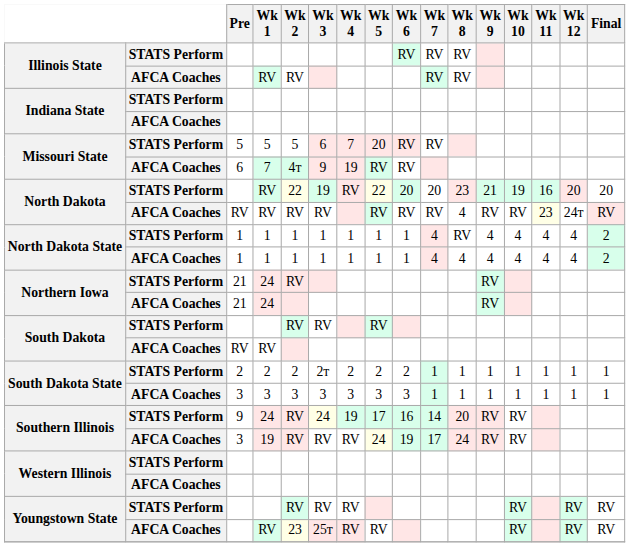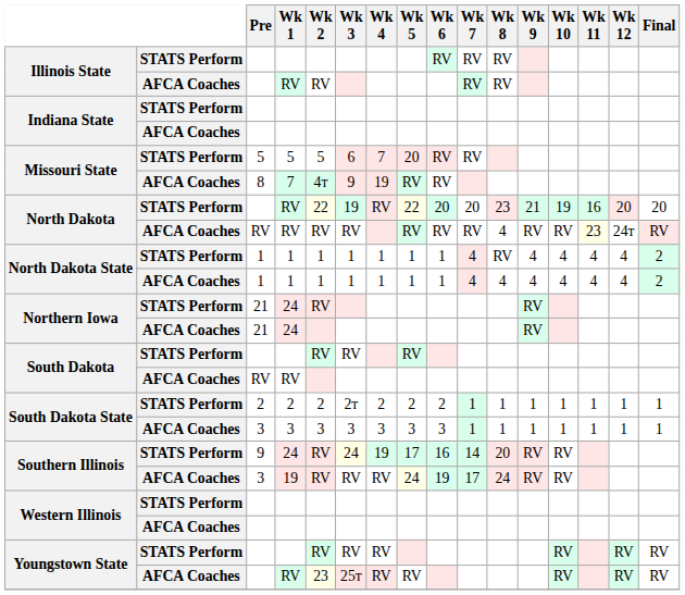 <table class="wikitable" style="white-space:nowrap;font-size:85%;">
 <tr>
 <th colspan=2 style="background:white; border-top-style:hidden; border-left-style:hidden;"> </th>
 <th>Pre</th>
 <th>Wk<br>1</th>
 <th>Wk<br>2</th>
 <th>Wk<br>3</th>
 <th>Wk<br>4</th>
 <th>Wk<br>5</th>
 <th>Wk<br>6</th>
 <th>Wk<br>7</th>
 <th>Wk<br>8</th>
 <th>Wk<br>9</th>
 <th>Wk<br>10</th>
 <th>Wk<br>11</th>
 <th>Wk<br>12</th>
 <th>Final</th>
 </tr>
 <tr style="text-align:center;">
 <th rowspan="2">Illinois State</th>
 <th>STATS Perform</th>
 <td style="background:#FFF;"></td>
 <td style="background:#FFF;"></td>
 <td style="background:#FFF;"></td>
 <td style="background:#FFF;"></td>
 <td style="background:#FFF;"></td>
 <td style="background:#FFF;"></td>
 <td style="background:#d8ffeb;">RV</td>
 <td style="background:#FFF;">RV</td>
 <td style="background:#FFF;">RV</td>
 <td style="background:#ffe6e6;"></td>
 <td style="background:#FFF;"></td>
 <td style="background:#FFF;"></td>
 <td style="background:#FFF;"></td>
 <td style="background:#FFF;"></td>
 </tr>
 <tr style="text-align:center;">
 <th>AFCA Coaches</th>
 <td style="background:#FFF;"></td>
 <td style="background:#d8ffeb;">RV</td>
 <td style="background:#FFF;">RV</td>
 <td style="background:#ffe6e6;"></td>
 <td style="background:#FFF;"></td>
 <td style="background:#FFF;"></td>
 <td style="background:#FFF;"></td>
 <td style="background:#d8ffeb;">RV</td>
 <td style="background:#FFF;">RV</td>
 <td style="background:#ffe6e6;"></td>
 <td style="background:#FFF;"></td>
 <td style="background:#FFF;"></td>
 <td style="background:#FFF;"></td>
 <td style="background:#FFF;"></td>
 </tr>
 <tr style="text-align:center;">
 <th rowspan="2">Indiana State</th>
 <th>STATS Perform</th>
 <td style="background:#FFF;"></td>
 <td style="background:#FFF;"></td>
 <td style="background:#FFF;"></td>
 <td style="background:#FFF;"></td>
 <td style="background:#FFF;"></td>
 <td style="background:#FFF;"></td>
 <td style="background:#FFF;"></td>
 <td style="background:#FFF;"></td>
 <td style="background:#FFF;"></td>
 <td style="background:#FFF;"></td>
 <td style="background:#FFF;"></td>
 <td style="background:#FFF;"></td>
 <td style="background:#FFF;"></td>
 <td style="background:#FFF;"></td>
 </tr>
 <tr style="text-align:center;">
 <th>AFCA Coaches</th>
 <td style="background:#FFF;"></td>
 <td style="background:#FFF;"></td>
 <td style="background:#FFF;"></td>
 <td style="background:#FFF;"></td>
 <td style="background:#FFF;"></td>
 <td style="background:#FFF;"></td>
 <td style="background:#FFF;"></td>
 <td style="background:#FFF;"></td>
 <td style="background:#FFF;"></td>
 <td style="background:#FFF;"></td>
 <td style="background:#FFF;"></td>
 <td style="background:#FFF;"></td>
 <td style="background:#FFF;"></td>
 <td style="background:#FFF;"></td>
 </tr>
 <tr style="text-align:center;">
 <th rowspan="2">Missouri State</th>
 <th>STATS Perform</th>
 <td style="background:#FFF;">5</td>
 <td style="background:#FFF;">5</td>
 <td style="background:#FFF;">5</td>
 <td style="background:#ffe6e6;">6</td>
 <td style="background:#ffe6e6;">7</td>
 <td style="background:#ffe6e6;">20</td>
 <td style="background:#ffe6e6;">RV</td>
 <td style="background:#FFF;">RV</td>
 <td style="background:#ffe6e6;"></td>
 <td style="background:#FFF;"></td>
 <td style="background:#FFF;"></td>
 <td style="background:#FFF;"></td>
 <td style="background:#FFF;"></td>
 <td style="background:#FFF;"></td>
 </tr>
 <tr style="text-align:center;">
 <th>AFCA Coaches</th>
-<td style="background:#FFF;">6</td>
+<td style="background:#FFF;">8</td>
 <td style="background:#d8ffeb;">7</td>
 <td style="background:#d8ffeb;">4т</td>
 <td style="background:#ffe6e6;">9</td>
 <td style="background:#ffe6e6;">19</td>
 <td style="background:#d8ffeb;">RV</td>
 <td style="background:#FFF;">RV</td>
 <td style="background:#ffe6e6;"></td>
 <td style="background:#FFF;"></td>
 <td style="background:#FFF;"></td>
 <td style="background:#FFF;"></td>
 <td style="background:#FFF;"></td>
 <td style="background:#FFF;"></td>
 <td style="background:#FFF;"></td>
 </tr>
 <tr style="text-align:center;">
 <th rowspan="2">North Dakota</th>
 <th>STATS Perform</th>
 <td style="background:#FFF;"></td>
 <td style="background:#d8ffeb;">RV</td>
 <td style="background:#FFFFE6;">22</td>
 <td style="background:#d8ffeb;">19</td>
 <td style="background:#ffe6e6;">RV</td>
 <td style="background:#FFFFE6;">22</td>
 <td style="background:#d8ffeb;">20</td>
 <td style="background:#FFF;">20</td>
 <td style="background:#ffe6e6;">23</td>
 <td style="background:#d8ffeb;">21</td>
 <td style="background:#d8ffeb;">19</td>
 <td style="background:#d8ffeb;">16</td>
 <td style="background:#ffe6e6;">20</td>
 <td style="background:#FFF;">20</td>
 </tr>
 <tr style="text-align:center;">
 <th>AFCA Coaches</th>
 <td style="background:#FFF;">RV</td>
 <td style="background:#FFF;">RV</td>
 <td style="background:#FFF;">RV</td>
 <td style="background:#FFF;">RV</td>
 <td style="background:#ffe6e6;"></td>
 <td style="background:#d8ffeb;">RV</td>
 <td style="background:#FFF;">RV</td>
 <td style="background:#FFF;">RV</td>
 <td style="background:#FFF;">4</td>
 <td style="background:#FFF;">RV</td>
 <td style="background:#FFF;">RV</td>
 <td style="background:#FFFFE6;">23</td>
 <td style="background:#FFF;">24т</td>
 <td style="background:#ffe6e6;">RV</td>
 </tr>
 <tr style="text-align:center;">
 <th rowspan="2">North Dakota State</th>
 <th>STATS Perform</th>
 <td style="background:#FFF;">1</td>
 <td style="background:#FFF;">1</td>
 <td style="background:#FFF;">1</td>
 <td style="background:#FFF;">1</td>
 <td style="background:#FFF;">1</td>
 <td style="background:#FFF;">1</td>
 <td style="background:#FFF;">1</td>
 <td style="background:#ffe6e6;">4</td>
 <td style="background:#FFF;">RV</td>
 <td style="background:#FFF;">4</td>
 <td style="background:#FFF;">4</td>
 <td style="background:#FFF;">4</td>
 <td style="background:#FFF;">4</td>
 <td style="background:#d8ffeb;">2</td>
 </tr>
 <tr style="text-align:center;">
 <th>AFCA Coaches</th>
 <td style="background:#FFF;">1</td>
 <td style="background:#FFF;">1</td>
 <td style="background:#FFF;">1</td>
 <td style="background:#FFF;">1</td>
 <td style="background:#FFF;">1</td>
 <td style="background:#FFF;">1</td>
 <td style="background:#FFF;">1</td>
 <td style="background:#ffe6e6;">4</td>
 <td style="background:#FFF;">4</td>
 <td style="background:#FFF;">4</td>
 <td style="background:#FFF;">4</td>
 <td style="background:#FFF;">4</td>
 <td style="background:#FFF;">4</td>
 <td style="background:#d8ffeb;">2</td>
 </tr>
 <tr style="text-align:center;">
 <th rowspan="2">Northern Iowa</th>
 <th>STATS Perform</th>
 <td style="background:#FFF;">21</td>
 <td style="background:#ffe6e6;">24</td>
 <td style="background:#ffe6e6;">RV</td>
 <td style="background:#ffe6e6;"></td>
 <td style="background:#FFF;"></td>
 <td style="background:#FFF;"></td>
 <td style="background:#FFF;"></td>
 <td style="background:#FFF;"></td>
 <td style="background:#FFF;"></td>
 <td style="background:#d8ffeb;">RV</td>
 <td style="background:#ffe6e6;"></td>
 <td style="background:#FFF;"></td>
 <td style="background:#FFF;"></td>
 <td style="background:#FFF;"></td>
 </tr>
 <tr style="text-align:center;">
 <th>AFCA Coaches</th>
 <td style="background:#FFF;">21</td>
 <td style="background:#ffe6e6;">24</td>
 <td style="background:#ffe6e6;"></td>
 <td style="background:#FFF;"></td>
 <td style="background:#FFF;"></td>
 <td style="background:#FFF;"></td>
 <td style="background:#FFF;"></td>
 <td style="background:#FFF;"></td>
 <td style="background:#FFF;"></td>
 <td style="background:#d8ffeb;">RV</td>
 <td style="background:#ffe6e6;"></td>
 <td style="background:#FFF;"></td>
 <td style="background:#FFF;"></td>
 <td style="background:#FFF;"></td>
 </tr>
 <tr style="text-align:center;">
 <th rowspan="2">South Dakota</th>
 <th>STATS Perform</th>
 <td style="background:#FFF;"></td>
 <td style="background:#FFF;"></td>
 <td style="background:#d8ffeb;">RV</td>
 <td style="background:#FFF;">RV</td>
 <td style="background:#ffe6e6;"></td>
 <td style="background:#d8ffeb;">RV</td>
 <td style="background:#ffe6e6;"></td>
 <td style="background:#FFF;"></td>
 <td style="background:#FFF;"></td>
 <td style="background:#FFF;"></td>
 <td style="background:#FFF;"></td>
 <td style="background:#FFF;"></td>
 <td style="background:#FFF;"></td>
 <td style="background:#FFF;"></td>
 </tr>
 <tr style="text-align:center;">
 <th>AFCA Coaches</th>
 <td style="background:#FFF;">RV</td>
 <td style="background:#FFF;">RV</td>
 <td style="background:#ffe6e6;"></td>
 <td style="background:#FFF;"></td>
 <td style="background:#FFF;"></td>
 <td style="background:#FFF;"></td>
 <td style="background:#FFF;"></td>
 <td style="background:#FFF;"></td>
 <td style="background:#FFF;"></td>
 <td style="background:#FFF;"></td>
 <td style="background:#FFF;"></td>
 <td style="background:#FFF;"></td>
 <td style="background:#FFF;"></td>
 <td style="background:#FFF;"></td>
 </tr>
 <tr style="text-align:center;">
 <th rowspan="2">South Dakota State</th>
 <th>STATS Perform</th>
 <td style="background:#FFF;">2</td>
 <td style="background:#FFF;">2</td>
 <td style="background:#FFF;">2</td>
 <td style="background:#FFF;">2т</td>
 <td style="background:#FFF;">2</td>
 <td style="background:#FFF;">2</td>
 <td style="background:#FFF;">2</td>
 <td style="background:#d8ffeb;">1</td>
 <td style="background:#FFF;">1</td>
 <td style="background:#FFF;">1</td>
 <td style="background:#FFF;">1</td>
 <td style="background:#FFF;">1</td>
 <td style="background:#FFF;">1</td>
 <td style="background:#FFF;">1</td>
 </tr>
 <tr style="text-align:center;">
 <th>AFCA Coaches</th>
 <td style="background:#FFF;">3</td>
 <td style="background:#FFF;">3</td>
 <td style="background:#FFF;">3</td>
 <td style="background:#FFF;">3</td>
 <td style="background:#FFF;">3</td>
 <td style="background:#FFF;">3</td>
 <td style="background:#FFF;">3</td>
 <td style="background:#d8ffeb;">1</td>
 <td style="background:#FFF;">1</td>
 <td style="background:#FFF;">1</td>
 <td style="background:#FFF;">1</td>
 <td style="background:#FFF;">1</td>
 <td style="background:#FFF;">1</td>
 <td style="background:#FFF;">1</td>
 </tr>
 <tr style="text-align:center;">
 <th rowspan="2">Southern Illinois</th>
 <th>STATS Perform</th>
 <td style="background:#FFF;">9</td>
 <td style="background:#ffe6e6;">24</td>
 <td style="background:#ffe6e6;">RV</td>
 <td style="background:#FFFFE6;">24</td>
 <td style="background:#d8ffeb;">19</td>
 <td style="background:#d8ffeb;">17</td>
 <td style="background:#d8ffeb;">16</td>
 <td style="background:#d8ffeb;">14</td>
 <td style="background:#ffe6e6;">20</td>
 <td style="background:#ffe6e6;">RV</td>
 <td style="background:#FFF;">RV</td>
 <td style="background:#ffe6e6;"></td>
 <td style="background:#FFF;"></td>
 <td style="background:#FFF;"></td>
 </tr>
 <tr style="text-align:center;">
 <th>AFCA Coaches</th>
 <td style="background:#FFF;">3</td>
 <td style="background:#ffe6e6;">19</td>
 <td style="background:#ffe6e6;">RV</td>
 <td style="background:#FFF;">RV</td>
 <td style="background:#FFF;">RV</td>
 <td style="background:#FFFFE6;">24</td>
 <td style="background:#d8ffeb;">19</td>
 <td style="background:#d8ffeb;">17</td>
 <td style="background:#ffe6e6;">24</td>
 <td style="background:#ffe6e6;">RV</td>
 <td style="background:#FFF;">RV</td>
 <td style="background:#ffe6e6;"></td>
 <td style="background:#FFF;"></td>
 <td style="background:#FFF;"></td>
 </tr>
 <tr style="text-align:center;">
 <th rowspan="2">Western Illinois</th>
 <th>STATS Perform</th>
 <td style="background:#FFF;"></td>
 <td style="background:#FFF;"></td>
 <td style="background:#FFF;"></td>
 <td style="background:#FFF;"></td>
 <td style="background:#FFF;"></td>
 <td style="background:#FFF;"></td>
 <td style="background:#FFF;"></td>
 <td style="background:#FFF;"></td>
 <td style="background:#FFF;"></td>
 <td style="background:#FFF;"></td>
 <td style="background:#FFF;"></td>
 <td style="background:#FFF;"></td>
 <td style="background:#FFF;"></td>
 <td style="background:#FFF;"></td>
 </tr>
 <tr style="text-align:center;">
 <th>AFCA Coaches</th>
 <td style="background:#FFF;"></td>
 <td style="background:#FFF;"></td>
 <td style="background:#FFF;"></td>
 <td style="background:#FFF;"></td>
 <td style="background:#FFF;"></td>
 <td style="background:#FFF;"></td>
 <td style="background:#FFF;"></td>
 <td style="background:#FFF;"></td>
 <td style="background:#FFF;"></td>
 <td style="background:#FFF;"></td>
 <td style="background:#FFF;"></td>
 <td style="background:#FFF;"></td>
 <td style="background:#FFF;"></td>
 <td style="background:#FFF;"></td>
 </tr>
 <tr style="text-align:center;">
 <th rowspan="2">Youngstown State</th>
 <th>STATS Perform</th>
 <td style="background:#FFF;"></td>
 <td style="background:#FFF;"></td>
 <td style="background:#d8ffeb;">RV</td>
 <td style="background:#FFF;">RV</td>
 <td style="background:#FFF;">RV</td>
 <td style="background:#ffe6e6;"></td>
 <td style="background:#FFF;"></td>
 <td style="background:#FFF;"></td>
 <td style="background:#FFF;"></td>
 <td style="background:#FFF;"></td>
 <td style="background:#d8ffeb;">RV</td>
 <td style="background:#ffe6e6;"></td>
 <td style="background:#d8ffeb;">RV</td>
 <td style="background:#FFF;">RV</td>
 </tr>
 <tr style="text-align:center;">
 <th>AFCA Coaches</th>
 <td style="background:#FFF;"></td>
 <td style="background:#d8ffeb;">RV</td>
 <td style="background:#FFFFE6;">23</td>
 <td style="background:#ffe6e6;">25т</td>
 <td style="background:#ffe6e6;">RV</td>
 <td style="background:#FFF;">RV</td>
 <td style="background:#ffe6e6;"></td>
 <td style="background:#FFF;"></td>
 <td style="background:#FFF;"></td>
 <td style="background:#FFF;"></td>
 <td style="background:#d8ffeb;">RV</td>
 <td style="background:#ffe6e6;"></td>
 <td style="background:#d8ffeb;">RV</td>
 <td style="background:#FFF;">RV</td>
 </tr>
 <tr style="text-align:center;">
 </tr>
 </table>
